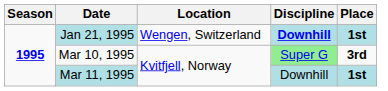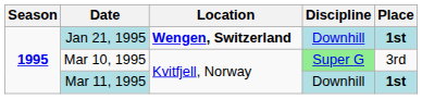 <table class=wikitable style="text-align:center">
 <tr>
 <th>Season</th>
 <th>Date</th>
 <th>Location</th>
 <th>Discipline</th>
 <th>Place</th>
 </tr>
 <tr>
 <td rowspan=3 align=center><strong><a href='#'>1995</a></strong></td>
 <td align=right bgcolor="#BOEOE6">Jan 21, 1995</td>
-<td align=left><a href='#'>Wengen</a>, Switzerland  </td>
-<td bgcolor="#BOEOE6"><strong><a href='#'>Downhill</a></strong></td>
+<td align=left><strong><a href='#'>Wengen</a>, Switzerland  </strong></td>
+<td bgcolor="#BOEOE6"><a href='#'>Downhill</a></td>
 <td bgcolor="#BOEOE6"><strong>1st</strong></td>
 </tr>
 <tr>
 <td align=right>Mar 10, 1995</td>
 <td align=left rowspan=2><a href='#'>Kvitfjell</a>, Norway</td>
 <td style="background: lightgreen;"><a href='#'>Super G</a></td>
-<td><strong>3rd</strong></td>
+<td>3rd</td>
 </tr>
 <tr>
 <td align=right bgcolor="#BOEOE6">Mar 11, 1995</td>
 <td bgcolor="#BOEOE6">Downhill</td>
 <td bgcolor="#BOEOE6"><strong>1st</strong></td>
 </tr>
 </table>
